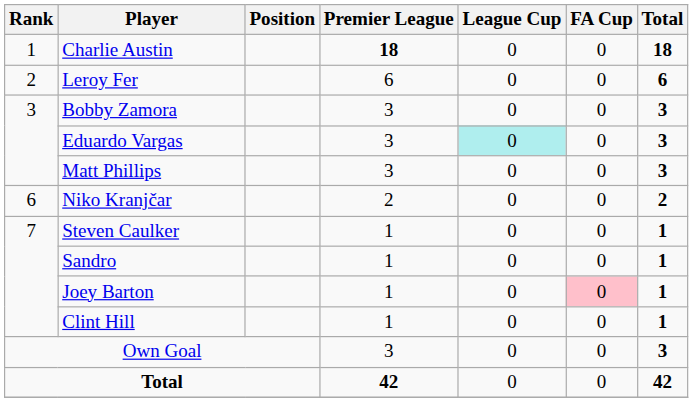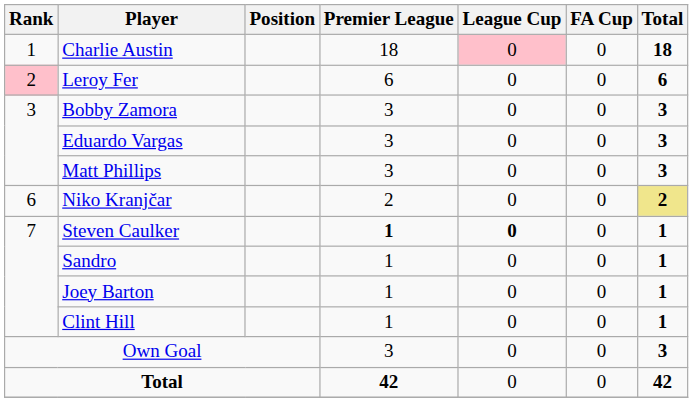 <table class="wikitable">
 <tr>
 <th>Rank</th>
 <th style="width:150px;">Player</th>
 <th>Position</th>
 <th>Premier League</th>
 <th>League Cup</th>
 <th>FA Cup</th>
 <th>Total</th>
 </tr>
 <tr>
 <td align=center>1</td>
 <td> <a href='#'>Charlie Austin</a></td>
 <td align=center></td>
-<td align=center><strong>18</strong></td>
-<td align=center>0</td>
+<td align=center>18</td>
+<td align=center style="background: pink;">0</td>
 <td align=center>0</td>
 <td align=center><strong>18</strong></td>
 </tr>
 <tr>
-<td align=center>2</td>
+<td align=center style="background: pink;">2</td>
 <td> <a href='#'>Leroy Fer</a></td>
 <td align=center></td>
 <td align=center>6</td>
 <td align=center>0</td>
 <td align=center>0</td>
 <td align=center><strong>6</strong></td>
 </tr>
 <tr>
 <td rowspan=3 valign=top align=center>3</td>
 <td> <a href='#'>Bobby Zamora</a></td>
 <td align=center></td>
 <td align=center>3</td>
 <td align=center>0</td>
 <td align=center>0</td>
 <td align=center><strong>3</strong></td>
 </tr>
 <tr>
 <td> <a href='#'>Eduardo Vargas</a></td>
 <td align=center></td>
 <td align=center>3</td>
-<td align=center style="background: paleturquoise;">0</td>
+<td align=center>0</td>
 <td align=center>0</td>
 <td align=center><strong>3</strong></td>
 </tr>
 <tr>
 <td> <a href='#'>Matt Phillips</a></td>
 <td align=center></td>
 <td align=center>3</td>
 <td align=center>0</td>
 <td align=center>0</td>
 <td align=center><strong>3</strong></td>
 </tr>
 <tr>
 <td align=center>6</td>
 <td> <a href='#'>Niko Kranjčar</a></td>
 <td align=center></td>
 <td align=center>2</td>
 <td align=center>0</td>
 <td align=center>0</td>
-<td align=center><strong>2</strong></td>
+<td align=center style="background: khaki;"><strong>2</strong></td>
 </tr>
 <tr>
 <td rowspan=4 valign=top align=center>7</td>
 <td> <a href='#'>Steven Caulker</a></td>
 <td align=center></td>
-<td align=center>1</td>
-<td align=center>0</td>
+<td align=center><strong>1</strong></td>
+<td align=center><strong>0</strong></td>
 <td align=center>0</td>
 <td align=center><strong>1</strong></td>
 </tr>
 <tr>
 <td> <a href='#'>Sandro</a></td>
 <td align=center></td>
 <td align=center>1</td>
 <td align=center>0</td>
 <td align=center>0</td>
 <td align=center><strong>1</strong></td>
 </tr>
 <tr>
 <td> <a href='#'>Joey Barton</a></td>
 <td align=center></td>
 <td align=center>1</td>
 <td align=center>0</td>
-<td align=center style="background: pink;">0</td>
+<td align=center>0</td>
 <td align=center><strong>1</strong></td>
 </tr>
 <tr>
 <td> <a href='#'>Clint Hill</a></td>
 <td align=center></td>
 <td align=center>1</td>
 <td align=center>0</td>
 <td align=center>0</td>
 <td align=center><strong>1</strong></td>
 </tr>
 <tr>
 <td colspan=3 align=center><a href='#'>Own Goal</a></td>
 <td align=center>3</td>
 <td align=center>0</td>
 <td align=center>0</td>
 <td align=center><strong>3</strong></td>
 </tr>
 <tr>
 <td colspan=3 align=center><strong>Total</strong></td>
 <td align=center><strong>42</strong></td>
 <td align=center>0</td>
 <td align=center>0</td>
 <td align=center><strong>42</strong></td>
 </tr>
 <tr>
 </tr>
 </table>
